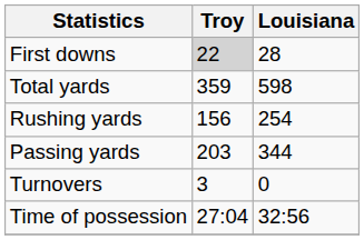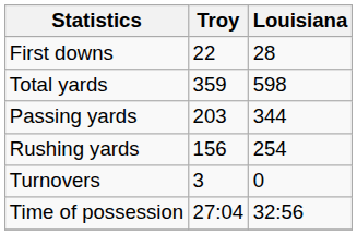 <table class="wikitable">
 <tr>
 <th>Statistics</th>
 <th>Troy</th>
 <th>Louisiana</th>
 </tr>
 <tr>
 <td>First downs</td>
-<td style="background: lightgrey;">22</td>
+<td>22</td>
 <td>28</td>
 </tr>
 <tr>
 <td>Total yards</td>
 <td>359</td>
 <td>598</td>
 </tr>
 <tr>
+<td>Passing yards</td>
+<td>203</td>
+<td>344</td>
+</tr>
+<tr>
 <td>Rushing yards</td>
 <td>156</td>
 <td>254</td>
-</tr>
-<tr>
-<td>Passing yards</td>
-<td>203</td>
-<td>344</td>
 </tr>
 <tr>
 <td>Turnovers</td>
 <td>3</td>
 <td>0</td>
 </tr>
 <tr>
 <td>Time of possession</td>
 <td>27:04</td>
 <td>32:56</td>
 </tr>
 <tr>
 </tr>
 </table>
